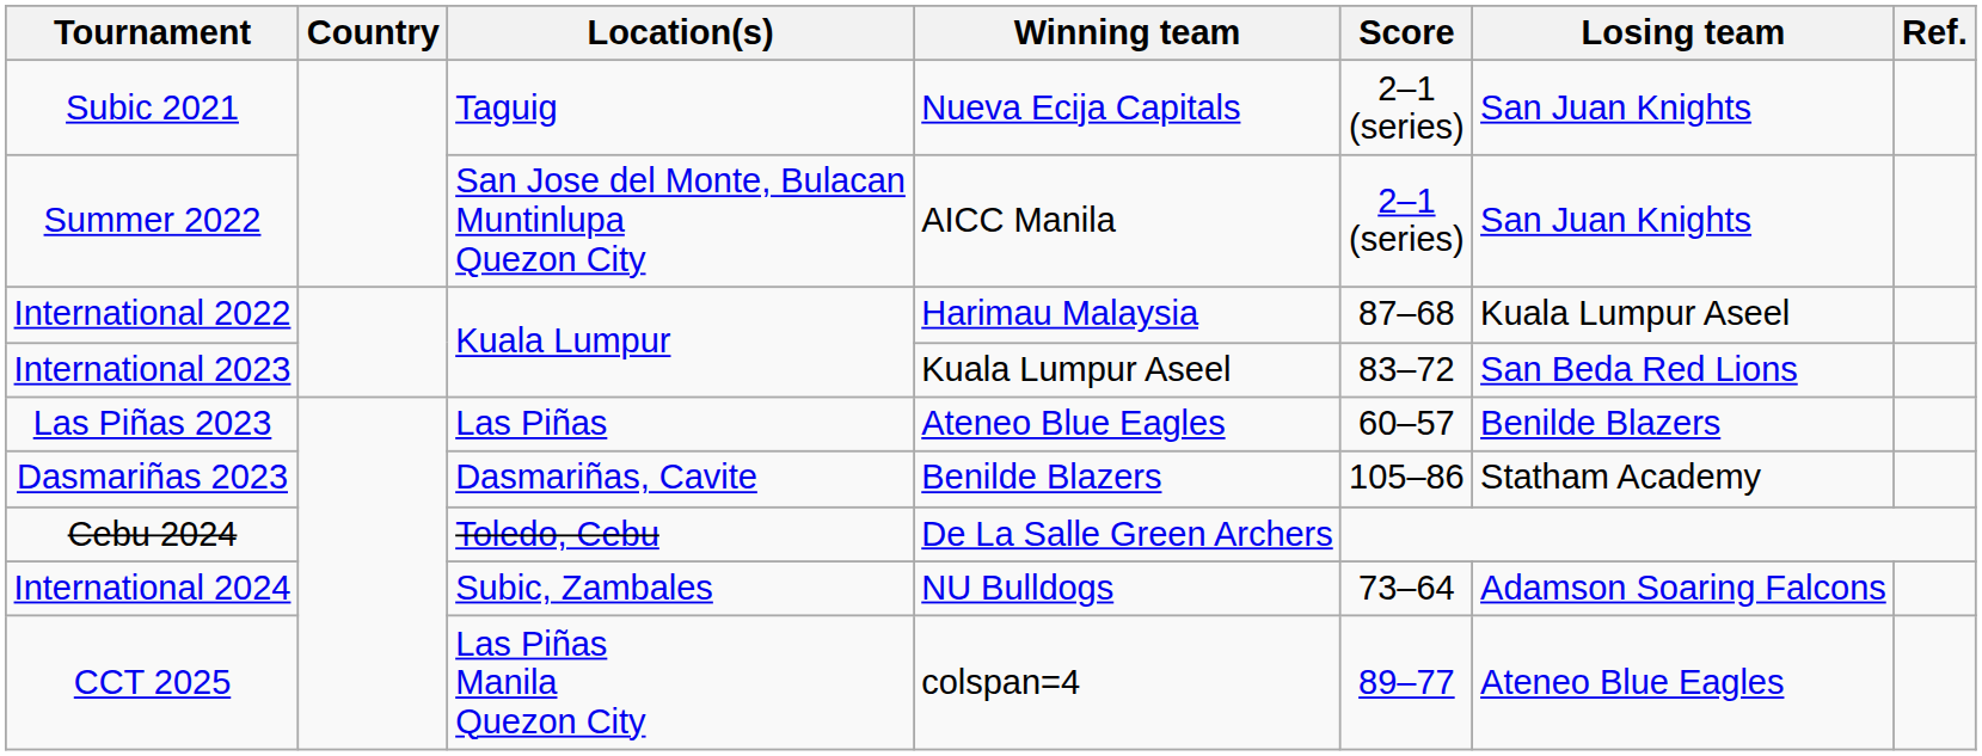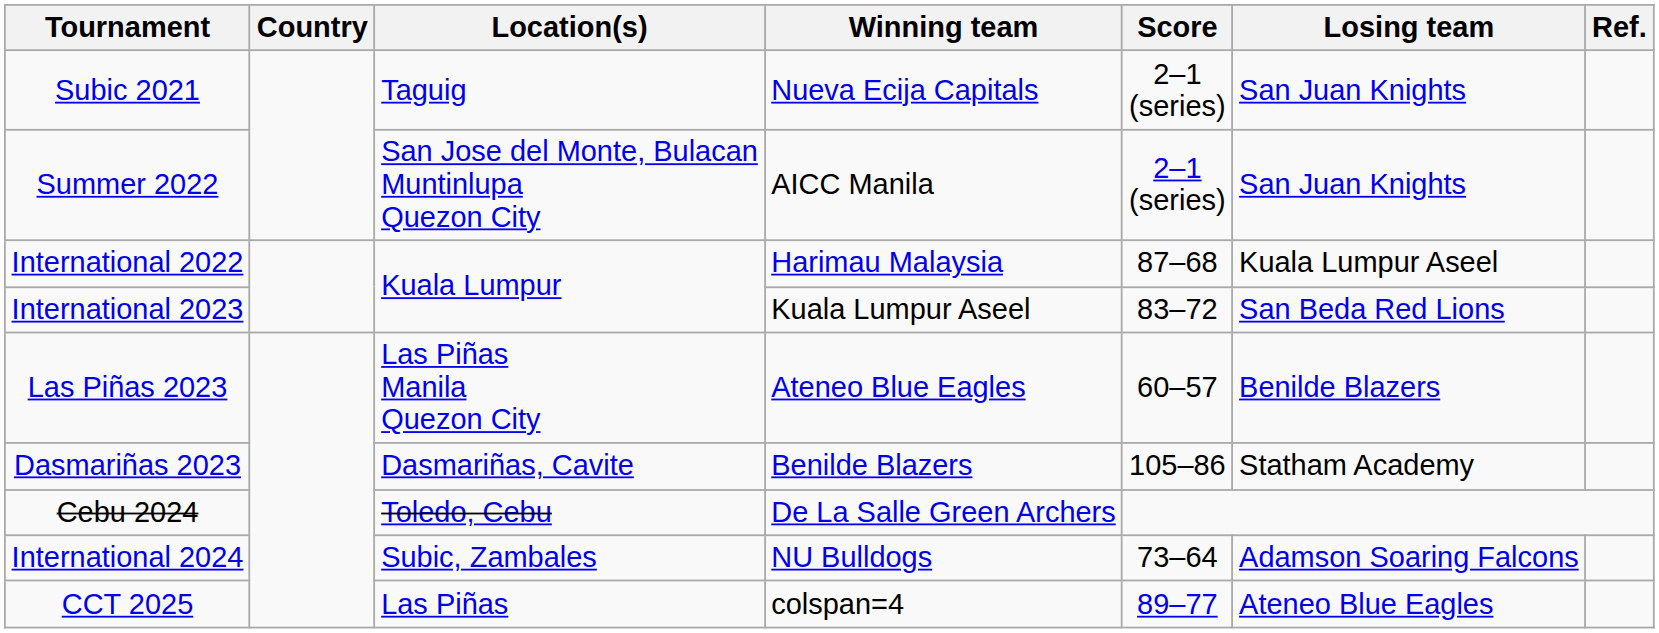 <table class="wikitable">
 <tr>
 <th>Tournament</th>
 <th>Country</th>
 <th>Location(s)</th>
 <th>Winning team</th>
 <th>Score</th>
 <th>Losing team</th>
 <th>Ref.</th>
 </tr>
 <tr>
 <td align=center><a href='#'>Subic 2021</a></td>
 <td rowspan=2></td>
 <td><a href='#'>Taguig</a></td>
 <td> <a href='#'>Nueva Ecija Capitals</a> <br> </td>
 <td align=center>2–1 <br> (series)</td>
 <td> <a href='#'>San Juan Knights</a> <br> </td>
 <td></td>
 </tr>
 <tr>
 <td align=center><a href='#'>Summer 2022</a></td>
 <td><a href='#'>San Jose del Monte, Bulacan</a> <br> <a href='#'>Muntinlupa</a> <br> <a href='#'>Quezon City</a></td>
 <td> AICC Manila <br> </td>
 <td align=center><a href='#'>2–1</a> <br> (series)</td>
 <td> <a href='#'>San Juan Knights</a> <br> </td>
 <td></td>
 </tr>
 <tr>
 <td align=center><a href='#'>International 2022</a></td>
 <td rowspan=2></td>
 <td rowspan=2><a href='#'>Kuala Lumpur</a></td>
 <td> <a href='#'>Harimau Malaysia</a> <br> </td>
 <td align=center>87–68</td>
 <td> Kuala Lumpur Aseel <br> </td>
 <td></td>
 </tr>
 <tr>
 <td align=center><a href='#'>International 2023</a></td>
 <td> Kuala Lumpur Aseel <br> </td>
 <td align=center>83–72</td>
 <td> <a href='#'>San Beda Red Lions</a> <br> </td>
 <td></td>
 </tr>
 <tr>
 <td align=center><a href='#'>Las Piñas 2023</a></td>
 <td rowspan=5></td>
-<td><a href='#'>Las Piñas</a></td>
+<td><a href='#'>Las Piñas</a> <br> <a href='#'>Manila</a> <br> <a href='#'>Quezon City</a></td>
 <td> <a href='#'>Ateneo Blue Eagles</a> <br> </td>
 <td align=center>60–57</td>
 <td> <a href='#'>Benilde Blazers</a> <br> </td>
 <td></td>
 </tr>
 <tr>
 <td align=center><a href='#'>Dasmariñas 2023</a></td>
 <td><a href='#'>Dasmariñas, Cavite</a></td>
 <td> <a href='#'>Benilde Blazers</a> <br> </td>
 <td align=center>105–86</td>
 <td> Statham Academy <br> </td>
 <td></td>
 </tr>
 <tr>
 <td align=center><s>Cebu 2024</s></td>
 <td><s><a href='#'>Toledo, Cebu</a></s></td>
 <td> <a href='#'>De La Salle Green Archers</a> <br> </td>
 </tr>
 <tr>
 <td align=center><a href='#'>International 2024</a></td>
 <td><a href='#'>Subic, Zambales</a></td>
 <td> <a href='#'>NU Bulldogs</a> <br> </td>
 <td align=center>73–64</td>
 <td> <a href='#'>Adamson Soaring Falcons</a> <br> </td>
 <td></td>
 </tr>
 <tr>
 <td align=center><a href='#'>CCT 2025</a></td>
-<td><a href='#'>Las Piñas</a> <br> <a href='#'>Manila</a> <br> <a href='#'>Quezon City</a></td>
+<td><a href='#'>Las Piñas</a></td>
 <td>colspan=4 </td>
 <td align=center><a href='#'>89–77</a></td>
 <td> <a href='#'>Ateneo Blue Eagles</a> <br> </td>
 <td></td>
 </tr>
 </table>
